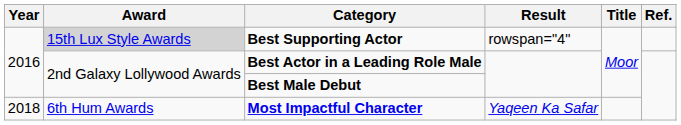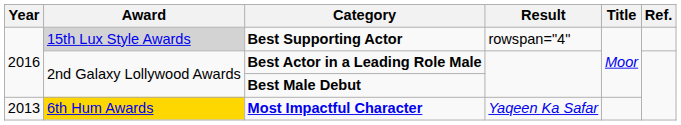 <table class="wikitable">
 <tr>
 <th>Year</th>
 <th>Award</th>
 <th>Category</th>
 <th>Result</th>
 <th>Title</th>
 <th>Ref.</th>
 </tr>
 <tr>
 <td rowspan="3">2016</td>
 <td style="background: lightgrey;"><a href='#'>15th Lux Style Awards</a></td>
 <td><strong>Best Supporting Actor</strong></td>
 <td>rowspan="4"</td>
 <td rowspan="3"><em><a href='#'>Moor</a></em></td>
 <td></td>
 </tr>
 <tr>
 <td rowspan="2">2nd Galaxy Lollywood Awards</td>
 <td><strong>Best Actor in a Leading Role Male</strong></td>
 <td rowspan="2"></td>
 </tr>
 <tr>
 <td><strong>Best Male Debut</strong></td>
 </tr>
 <tr>
-<td>2018</td>
-<td><a href='#'>6th Hum Awards</a></td>
+<td>2013</td>
+<td style="background: gold;"><a href='#'>6th Hum Awards</a></td>
 <td><a href='#'><strong>Most Impactful Character</strong></a></td>
 <td><em><a href='#'>Yaqeen Ka Safar</a></em></td>
 <td></td>
 </tr>
 </table>
